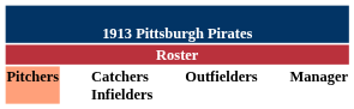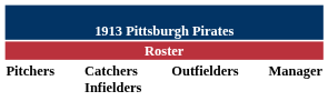 <table class="toccolours" style="font-size: 95%;">
 <tr>
 <th colspan="10" style="background-color:#023465; color: white; text-align: center;"><br>1913 Pittsburgh Pirates</th>
 </tr>
 <tr>
 <td colspan="10" style="background-color:#ba313c; color: white; text-align: center;"><strong>Roster</strong></td>
 </tr>
 <tr>
-<td valign="top" style="background: lightsalmon;"><strong>Pitchers</strong><br>             </td>
+<td valign="top"><strong>Pitchers</strong><br>             </td>
 <td width="25px"></td>
 <td valign="top"><strong>Catchers</strong><br>     <strong>Infielders</strong>         </td>
 <td width="25px"></td>
 <td valign="top"><strong>Outfielders</strong><br>        </td>
 <td width="25px"></td>
 <td valign="top"><strong>Manager</strong><br></td>
 </tr>
 </table>
